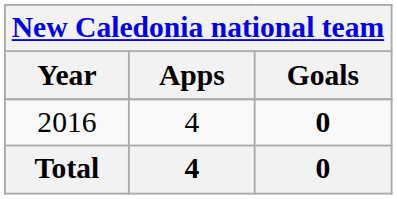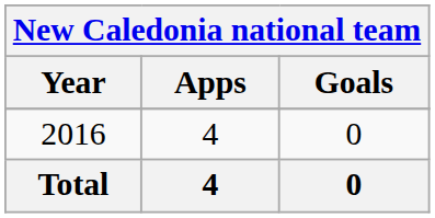 <table class="wikitable" style="text-align:center">
 <tr>
 <th colspan=3><a href='#'>New Caledonia national team</a></th>
 </tr>
 <tr>
 <th>Year</th>
 <th>Apps</th>
 <th>Goals</th>
 </tr>
 <tr>
 </tr>
 <tr>
 <td>2016</td>
 <td>4</td>
-<td><strong>0</strong></td>
+<td>0</td>
 </tr>
 <tr>
 <th>Total</th>
 <th>4</th>
 <th>0</th>
 </tr>
 </table>
